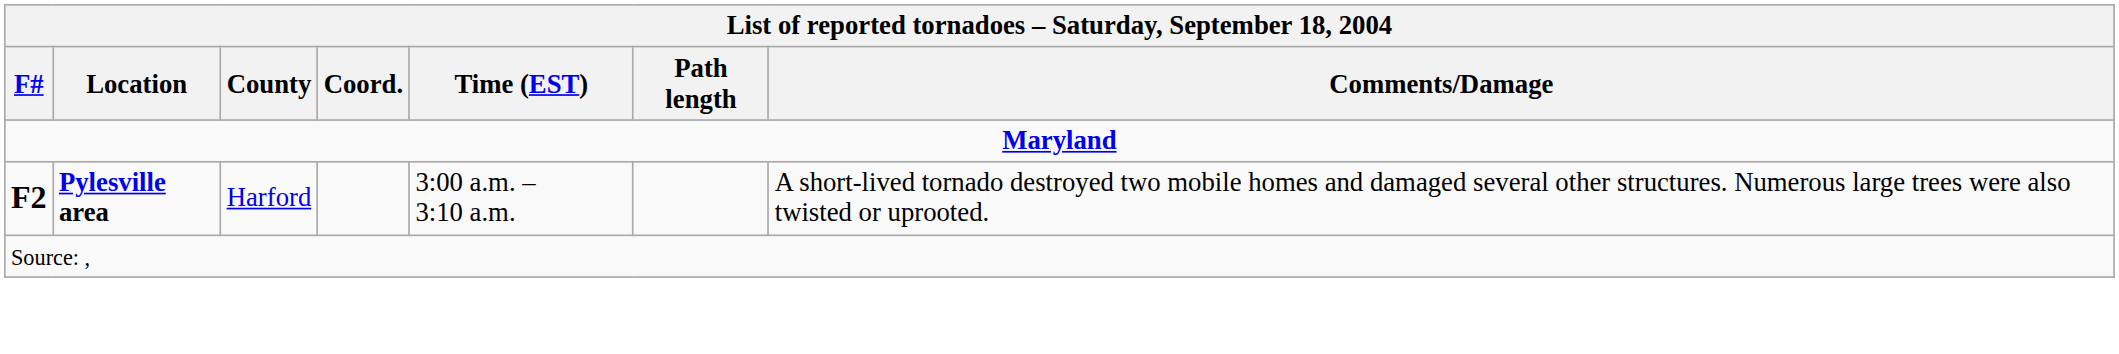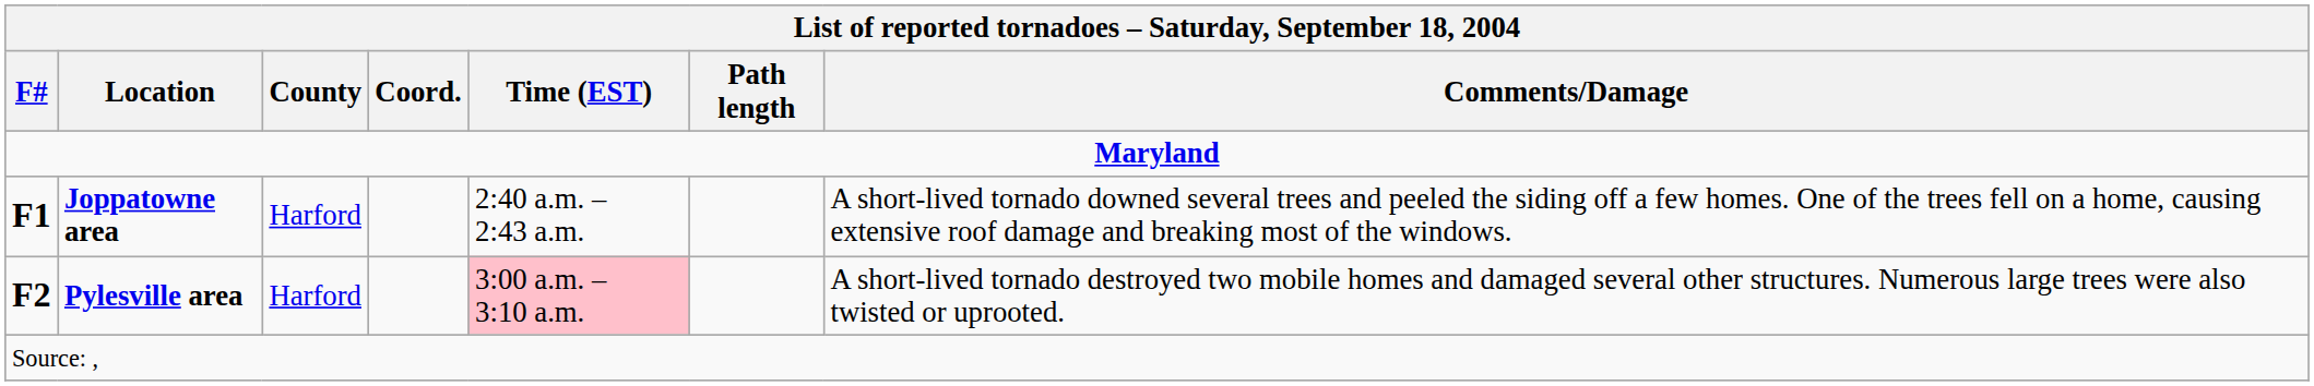 <table class="wikitable collapsible" style="width:100%;">
 <tr>
 <th colspan="7">List of reported tornadoes – Saturday, September 18, 2004</th>
 </tr>
 <tr>
 <th><a href='#'>F#</a></th>
 <th>Location</th>
 <th>County</th>
 <th>Coord.</th>
 <th>Time (<a href='#'>EST</a>)</th>
 <th>Path length</th>
 <th>Comments/Damage</th>
 </tr>
 <tr>
 <td colspan="7" align=center><strong><a href='#'>Maryland</a></strong></td>
 </tr>
 <tr>
+<td><big><strong>F1</strong></big></td>
+<td><strong><a href='#'>Joppatowne</a> area</strong></td>
+<td><a href='#'>Harford</a></td>
+<td></td>
+<td>2:40 a.m. – 2:43 a.m.</td>
+<td></td>
+<td>A short-lived tornado downed several trees and peeled the siding off a few homes. One of the trees fell on a home, causing extensive roof damage and breaking most of the windows.</td>
+</tr>
+<tr>
 <td><big><strong>F2</strong></big></td>
 <td><strong><a href='#'>Pylesville</a> area</strong></td>
 <td><a href='#'>Harford</a></td>
 <td></td>
-<td>3:00 a.m. – 3:10 a.m.</td>
+<td style="background: pink;">3:00 a.m. – 3:10 a.m.</td>
 <td></td>
 <td>A short-lived tornado destroyed two mobile homes and damaged several other structures. Numerous large trees were also twisted or uprooted.</td>
 </tr>
 <tr>
 <td colspan="7"><small>Source: , </small></td>
 </tr>
 </table>
